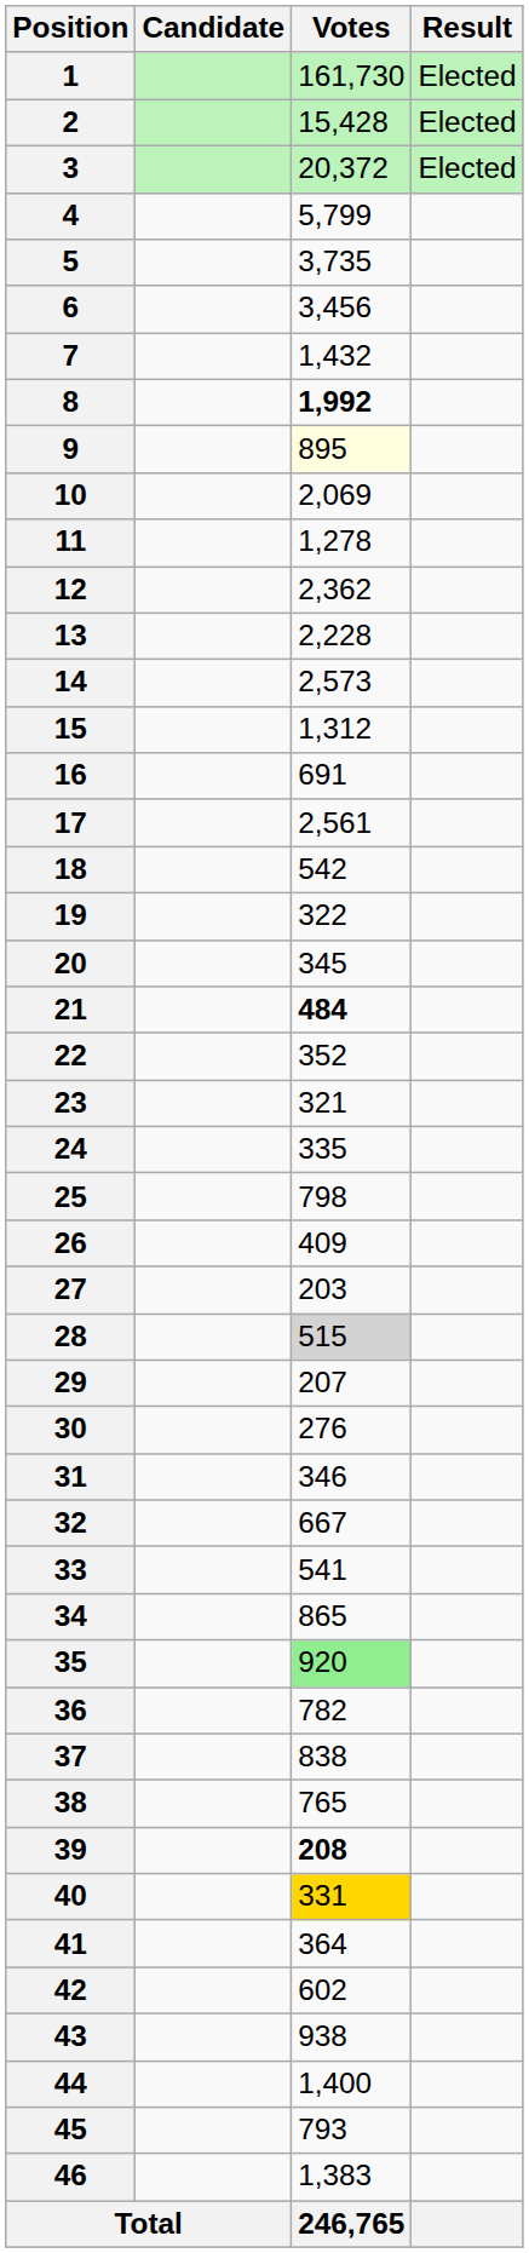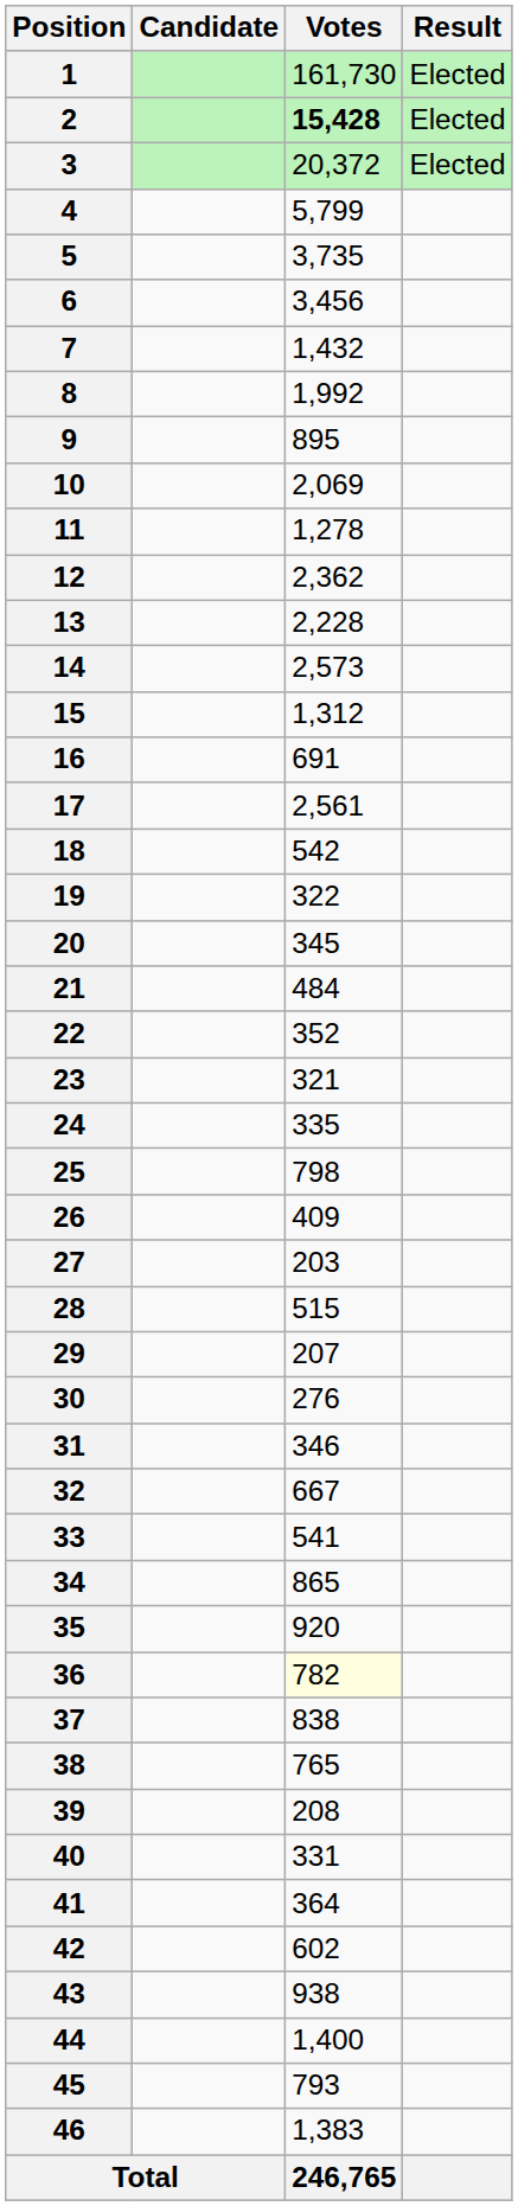 <table class="wikitable sortable col3right">
 <tr>
 <th scope="col">Position</th>
 <th scope="col">Candidate</th>
 <th scope="col">Votes</th>
 <th scope="col">Result</th>
 </tr>
 <tr bgcolor=bbf3bb>
 <th scope="row">1</th>
 <td></td>
 <td>161,730</td>
 <td>Elected</td>
 </tr>
 <tr bgcolor=bbf3bb>
 <th scope="row">2</th>
 <td></td>
-<td>15,428</td>
+<td><strong>15,428</strong></td>
 <td>Elected</td>
 </tr>
 <tr bgcolor=bbf3bb>
 <th scope="row">3</th>
 <td></td>
 <td>20,372</td>
 <td>Elected</td>
 </tr>
 <tr>
 <th scope="row">4</th>
 <td></td>
 <td>5,799</td>
 <td></td>
 </tr>
 <tr>
 <th scope="row">5</th>
 <td></td>
 <td>3,735</td>
 <td></td>
 </tr>
 <tr>
 <th scope="row">6</th>
 <td></td>
 <td>3,456</td>
 <td></td>
 </tr>
 <tr>
 <th scope="row">7</th>
 <td></td>
 <td>1,432</td>
 <td></td>
 </tr>
 <tr>
 <th scope="row">8</th>
 <td></td>
-<td><strong>1,992</strong></td>
+<td>1,992</td>
 <td></td>
 </tr>
 <tr>
 <th scope="row">9</th>
 <td></td>
-<td style="background: lightyellow;">895</td>
+<td>895</td>
 <td></td>
 </tr>
 <tr>
 <th scope="row">10</th>
 <td></td>
 <td>2,069</td>
 <td></td>
 </tr>
 <tr>
 <th scope="row">11</th>
 <td></td>
 <td>1,278</td>
 <td></td>
 </tr>
 <tr>
 <th scope="row">12</th>
 <td></td>
 <td>2,362</td>
 <td></td>
 </tr>
 <tr>
 <th scope="row">13</th>
 <td></td>
 <td>2,228</td>
 <td></td>
 </tr>
 <tr>
 <th scope="row">14</th>
 <td></td>
 <td>2,573</td>
 <td></td>
 </tr>
 <tr>
 <th scope="row">15</th>
 <td></td>
 <td>1,312</td>
 <td></td>
 </tr>
 <tr>
 <th scope="row">16</th>
 <td></td>
 <td>691</td>
 <td></td>
 </tr>
 <tr>
 <th scope="row">17</th>
 <td></td>
 <td>2,561</td>
 <td></td>
 </tr>
 <tr>
 <th scope="row">18</th>
 <td></td>
 <td>542</td>
 <td></td>
 </tr>
 <tr>
 <th scope="row">19</th>
 <td></td>
 <td>322</td>
 <td></td>
 </tr>
 <tr>
 <th scope="row">20</th>
 <td></td>
 <td>345</td>
 <td></td>
 </tr>
 <tr>
 <th scope="row">21</th>
 <td></td>
-<td><strong>484</strong></td>
+<td>484</td>
 <td></td>
 </tr>
 <tr>
 <th scope="row">22</th>
 <td></td>
 <td>352</td>
 <td></td>
 </tr>
 <tr>
 <th scope="row">23</th>
 <td></td>
 <td>321</td>
 <td></td>
 </tr>
 <tr>
 <th scope="row">24</th>
 <td></td>
 <td>335</td>
 <td></td>
 </tr>
 <tr>
 <th scope="row">25</th>
 <td></td>
 <td>798</td>
 <td></td>
 </tr>
 <tr>
 <th scope="row">26</th>
 <td></td>
 <td>409</td>
 <td></td>
 </tr>
 <tr>
 <th scope="row">27</th>
 <td></td>
 <td>203</td>
 <td></td>
 </tr>
 <tr>
 <th scope="row">28</th>
 <td></td>
-<td style="background: lightgrey;">515</td>
+<td>515</td>
 <td></td>
 </tr>
 <tr>
 <th scope="row">29</th>
 <td></td>
 <td>207</td>
 <td></td>
 </tr>
 <tr>
 <th scope="row">30</th>
 <td></td>
 <td>276</td>
 <td></td>
 </tr>
 <tr>
 <th scope="row">31</th>
 <td></td>
 <td>346</td>
 <td></td>
 </tr>
 <tr>
 <th scope="row">32</th>
 <td></td>
 <td>667</td>
 <td></td>
 </tr>
 <tr>
 <th scope="row">33</th>
 <td></td>
 <td>541</td>
 <td></td>
 </tr>
 <tr>
 <th scope="row">34</th>
 <td></td>
 <td>865</td>
 <td></td>
 </tr>
 <tr>
 <th scope="row">35</th>
 <td></td>
-<td style="background: lightgreen;">920</td>
+<td>920</td>
 <td></td>
 </tr>
 <tr>
 <th scope="row">36</th>
 <td></td>
-<td>782</td>
+<td style="background: lightyellow;">782</td>
 <td></td>
 </tr>
 <tr>
 <th scope="row">37</th>
 <td></td>
 <td>838</td>
 <td></td>
 </tr>
 <tr>
 <th scope="row">38</th>
 <td></td>
 <td>765</td>
 <td></td>
 </tr>
 <tr>
 <th scope="row">39</th>
 <td></td>
-<td><strong>208</strong></td>
+<td>208</td>
 <td></td>
 </tr>
 <tr>
 <th scope="row">40</th>
 <td></td>
-<td style="background: gold;">331</td>
+<td>331</td>
 <td></td>
 </tr>
 <tr>
 <th scope="row">41</th>
 <td></td>
 <td>364</td>
 <td></td>
 </tr>
 <tr>
 <th scope="row">42</th>
 <td></td>
 <td>602</td>
 <td></td>
 </tr>
 <tr>
 <th scope="row">43</th>
 <td></td>
 <td>938</td>
 <td></td>
 </tr>
 <tr>
 <th scope="row">44</th>
 <td></td>
 <td>1,400</td>
 <td></td>
 </tr>
 <tr>
 <th scope="row">45</th>
 <td></td>
 <td>793</td>
 <td></td>
 </tr>
 <tr>
 <th scope="row">46</th>
 <td></td>
 <td>1,383</td>
 <td></td>
 </tr>
 <tr class=sortbottom>
 <th scope="row" colspan="2">Total</th>
 <th style="text-align:right">246,765</th>
 <th></th>
 </tr>
 </table>
